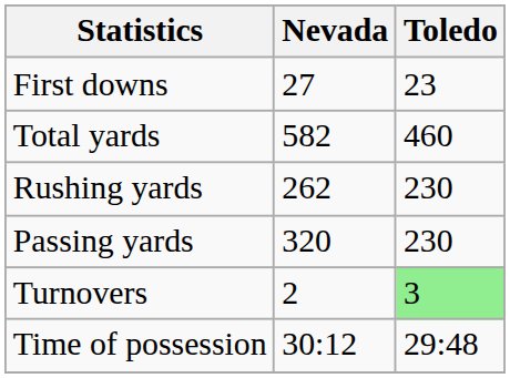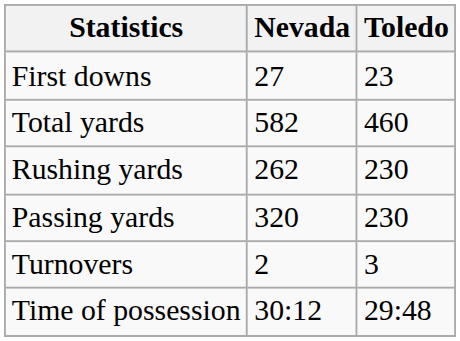 <table class="wikitable">
 <tr>
 <th>Statistics</th>
 <th>Nevada</th>
 <th>Toledo</th>
 </tr>
 <tr>
 <td>First downs</td>
 <td>27</td>
 <td>23</td>
 </tr>
 <tr>
 <td>Total yards</td>
 <td>582</td>
 <td>460</td>
 </tr>
 <tr>
 <td>Rushing yards</td>
 <td>262</td>
 <td>230</td>
 </tr>
 <tr>
 <td>Passing yards</td>
 <td>320</td>
 <td>230</td>
 </tr>
 <tr>
 <td>Turnovers</td>
 <td>2</td>
-<td style="background: lightgreen;">3</td>
+<td>3</td>
 </tr>
 <tr>
 <td>Time of possession</td>
 <td>30:12</td>
 <td>29:48</td>
 </tr>
 <tr>
 </tr>
 </table>
